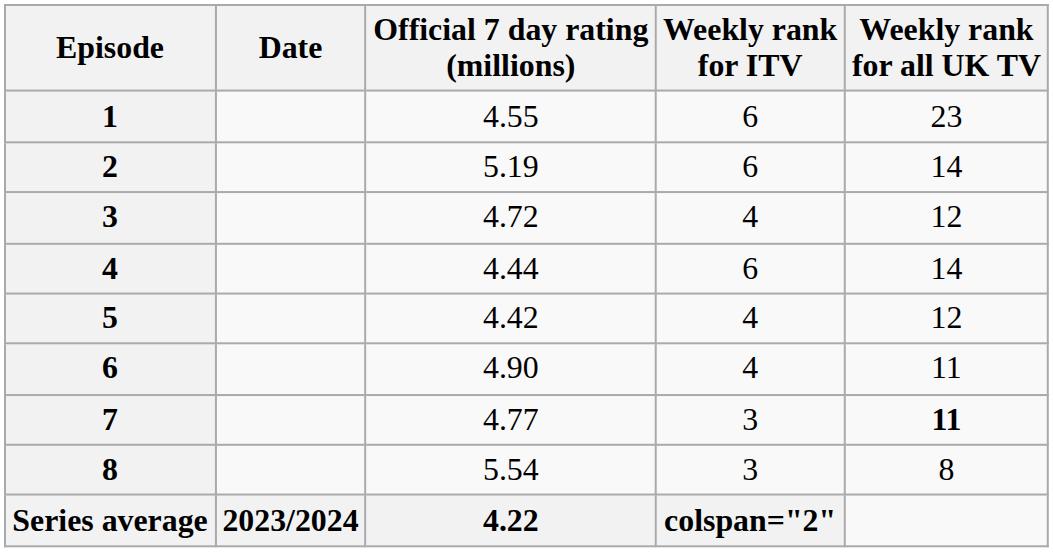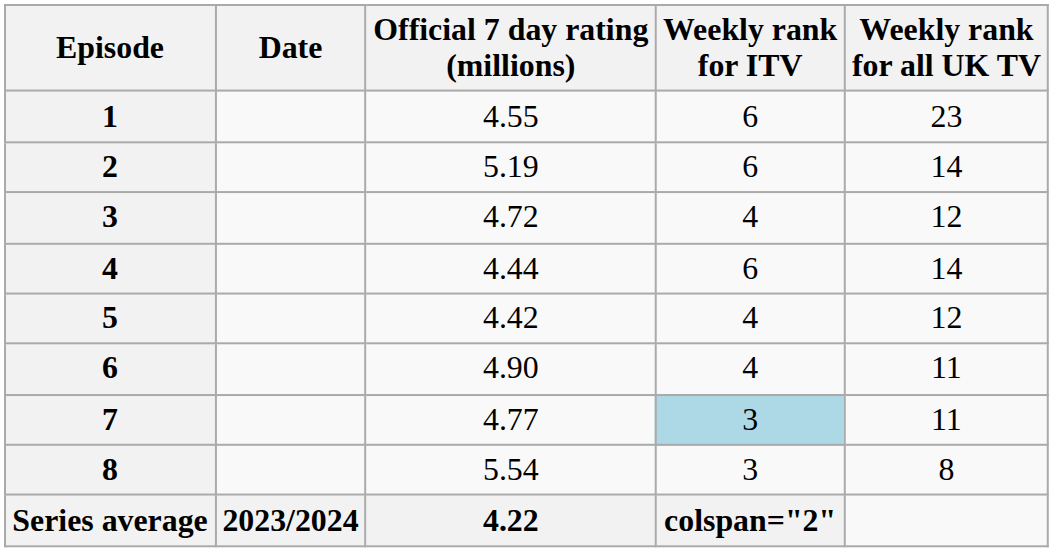 <table class="wikitable sortable" style="text-align:center">
 <tr>
 <th scope="col">Episode</th>
 <th scope="col">Date</th>
 <th scope="col">Official 7 day rating<br>(millions)</th>
 <th scope="col">Weekly rank<br>for ITV</th>
 <th scope="col">Weekly rank<br>for all UK TV</th>
 </tr>
 <tr>
 <th scope="row">1</th>
 <td></td>
 <td>4.55</td>
 <td>6</td>
 <td>23</td>
 </tr>
 <tr>
 <th scope="row">2</th>
 <td></td>
 <td>5.19</td>
 <td>6</td>
 <td>14</td>
 </tr>
 <tr>
 <th scope="row">3</th>
 <td></td>
 <td>4.72</td>
 <td>4</td>
 <td>12</td>
 </tr>
 <tr>
 <th scope="row">4</th>
 <td></td>
 <td>4.44</td>
 <td>6</td>
 <td>14</td>
 </tr>
 <tr>
 <th scope="row">5</th>
 <td></td>
 <td>4.42</td>
 <td>4</td>
 <td>12</td>
 </tr>
 <tr>
 <th scope="row">6</th>
 <td></td>
 <td>4.90</td>
 <td>4</td>
 <td>11</td>
 </tr>
 <tr>
 <th scope="row">7</th>
 <td></td>
 <td>4.77</td>
-<td>3</td>
-<td><strong>11</strong></td>
+<td style="background: lightblue;">3</td>
+<td>11</td>
 </tr>
 <tr>
 <th scope="row">8</th>
 <td></td>
 <td>5.54</td>
 <td>3</td>
 <td>8</td>
 </tr>
 <tr>
 <th scope="row">Series average</th>
 <th>2023/2024</th>
 <th>4.22</th>
 <th>colspan="2" </th>
 </tr>
 </table>
